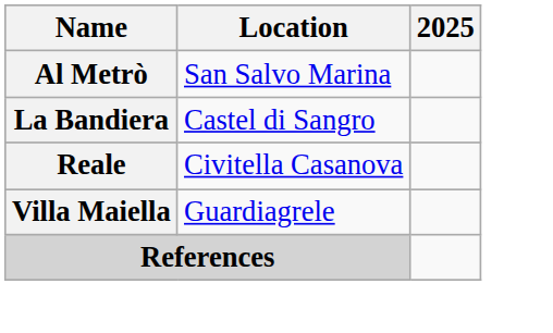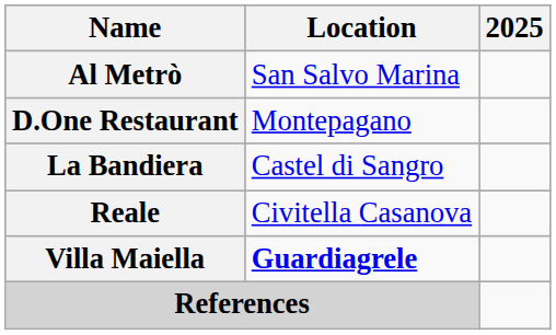 <table class="wikitable sortable plainrowheaders" style="text-align:left;">
 <tr>
 <th scope="col">Name</th>
 <th>Location</th>
 <th scope="col">2025</th>
 </tr>
 <tr>
 <th scope="row">Al Metrò</th>
 <td><a href='#'>San Salvo Marina</a></td>
+<td></td>
+</tr>
+<tr>
+<th scope="row">D.One Restaurant</th>
+<td><a href='#'>Montepagano</a></td>
 <td></td>
 </tr>
 <tr>
 <th scope="row">La Bandiera</th>
 <td><a href='#'>Castel di Sangro</a></td>
 <td></td>
 </tr>
 <tr>
 <th scope="row">Reale</th>
 <td><a href='#'>Civitella Casanova</a></td>
 <td></td>
 </tr>
 <tr>
 <th scope="row">Villa Maiella</th>
-<td><a href='#'>Guardiagrele</a></td>
+<td><strong><a href='#'>Guardiagrele</a></strong></td>
 <td></td>
 </tr>
 <tr>
 <th colspan="2" style="text-align: center; background: lightgray;">References</th>
 <td style="text-align: center;"></td>
 </tr>
 </table>
